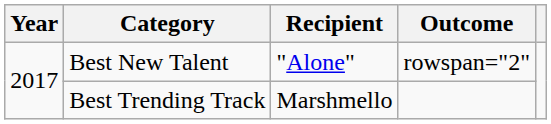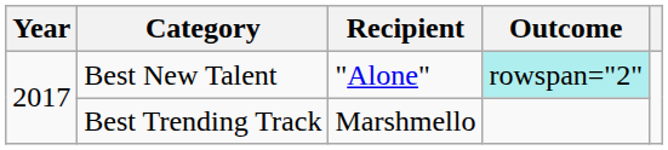 <table class="wikitable sortable">
 <tr>
 <th>Year</th>
 <th>Category</th>
 <th>Recipient</th>
 <th>Outcome</th>
 <th></th>
 </tr>
 <tr>
 <td rowspan="2">2017</td>
 <td>Best New Talent</td>
 <td>"<a href='#'>Alone</a>"</td>
-<td>rowspan="2" </td>
+<td style="background: paleturquoise;">rowspan="2" </td>
 <td rowspan="2"></td>
 </tr>
 <tr>
 <td>Best Trending Track</td>
 <td>Marshmello</td>
 </tr>
 </table>
